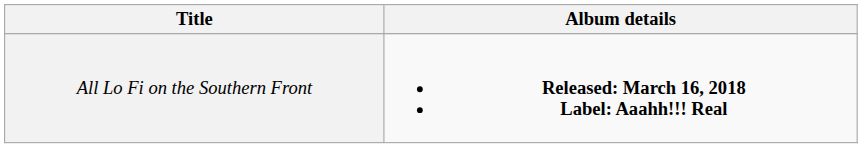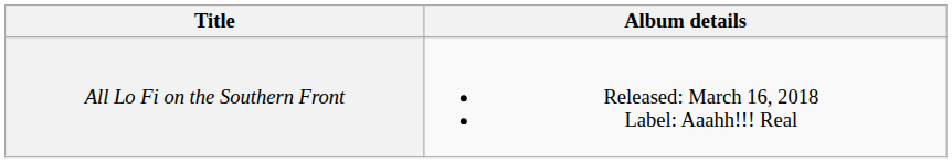 <table class="wikitable plainrowheaders" style="text-align:center;" border="1">
 <tr>
 <th rowspan="1" scope="col" style="width:20em;">Title</th>
 <th rowspan="1" scope="col" style="width:25em;">Album details</th>
 </tr>
 <tr>
 </tr>
 <tr>
 <th scope="row" style="font-weight:normal;"><em>All Lo Fi on the Southern Front</em></th>
-<td><strong><br><ul><li>Released: March 16, 2018</li><li>Label: Aaahh!!! Real</li></ul></strong></td>
+<td><br><ul><li>Released: March 16, 2018</li><li>Label: Aaahh!!! Real</li></ul></td>
 </tr>
 </table>
